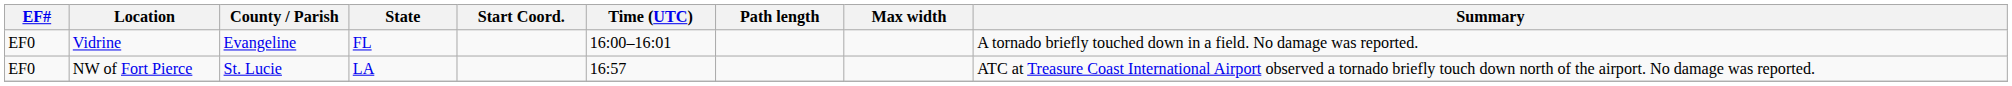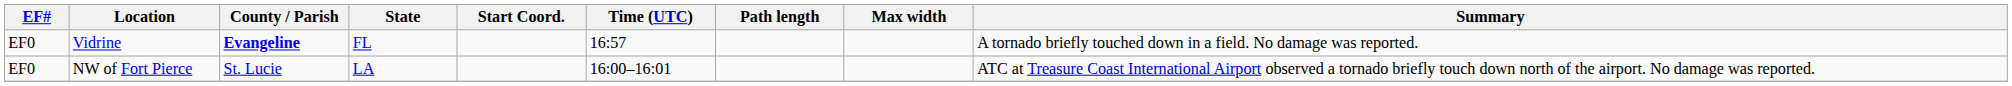 <table class="wikitable sortable" style="width:100%;">
 <tr>
 <th scope="col"  style="width:3%; text-align:center;"><a href='#'>EF#</a></th>
 <th scope="col"  style="width:7%; text-align:center;" class="unsortable">Location</th>
 <th scope="col"  style="width:6%; text-align:center;" class="unsortable">County / Parish</th>
 <th scope="col"  style="width:5%; text-align:center;">State</th>
 <th scope="col"  style="width:6%; text-align:center;">Start Coord.</th>
 <th scope="col"  style="width:6%; text-align:center;">Time (<a href='#'>UTC</a>)</th>
 <th scope="col"  style="width:6%; text-align:center;">Path length</th>
 <th scope="col"  style="width:6%; text-align:center;">Max width</th>
 <th scope="col" class="unsortable" style="width:48%; text-align:center;">Summary</th>
 </tr>
 <tr>
 <td>EF0</td>
 <td><a href='#'>Vidrine</a></td>
-<td><a href='#'>Evangeline</a></td>
+<td><strong><a href='#'>Evangeline</a></strong></td>
 <td><a href='#'>FL</a></td>
 <td></td>
-<td>16:00–16:01</td>
+<td>16:57</td>
 <td></td>
 <td></td>
 <td>A tornado briefly touched down in a field. No damage was reported.</td>
 </tr>
 <tr>
 <td>EF0</td>
 <td>NW of <a href='#'>Fort Pierce</a></td>
 <td><a href='#'>St. Lucie</a></td>
 <td><a href='#'>LA</a></td>
 <td></td>
-<td>16:57</td>
+<td>16:00–16:01</td>
 <td></td>
 <td></td>
 <td>ATC at <a href='#'>Treasure Coast International Airport</a> observed a tornado briefly touch down north of the airport. No damage was reported.</td>
 </tr>
 <tr>
 </tr>
 </table>
